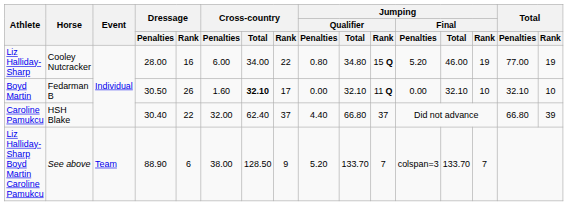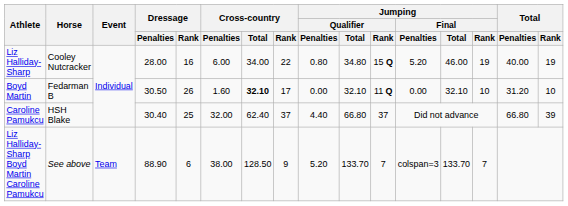 <table class=wikitable style=font-size:90%;text-align:center>
 <tr>
 <th rowspan=3>Athlete</th>
 <th rowspan=3>Horse</th>
 <th rowspan=3>Event</th>
 <th colspan=2 rowspan=2>Dressage</th>
 <th colspan=3 rowspan=2>Cross-country</th>
 <th colspan=6>Jumping</th>
 <th colspan=2 rowspan=2>Total</th>
 </tr>
 <tr style=font-size:95%>
 <th colspan=3>Qualifier</th>
 <th colspan=3>Final</th>
 </tr>
 <tr style=font-size:95%>
 <th>Penalties</th>
 <th>Rank</th>
 <th>Penalties</th>
 <th>Total</th>
 <th>Rank</th>
 <th>Penalties</th>
 <th>Total</th>
 <th>Rank</th>
 <th>Penalties</th>
 <th>Total</th>
 <th>Rank</th>
 <th>Penalties</th>
 <th>Rank</th>
 </tr>
 <tr>
 <td align=left><a href='#'>Liz Halliday-Sharp</a></td>
 <td align=left>Cooley Nutcracker</td>
 <td rowspan=3 align=left><a href='#'>Individual</a></td>
 <td>28.00</td>
 <td>16</td>
 <td>6.00</td>
 <td>34.00</td>
 <td>22</td>
 <td>0.80</td>
 <td>34.80</td>
 <td>15 <strong>Q</strong></td>
 <td>5.20</td>
 <td>46.00</td>
 <td>19</td>
-<td>77.00</td>
+<td>40.00</td>
 <td>19</td>
 </tr>
 <tr>
 <td align=left><a href='#'>Boyd Martin</a></td>
 <td align=left>Fedarman B</td>
 <td>30.50</td>
 <td>26</td>
 <td>1.60</td>
 <td><strong>32.10</strong></td>
 <td>17</td>
 <td>0.00</td>
 <td>32.10</td>
 <td>11 <strong>Q</strong></td>
 <td>0.00</td>
 <td>32.10</td>
 <td>10</td>
-<td>32.10</td>
+<td>31.20</td>
 <td>10</td>
 </tr>
 <tr>
 <td align=left><a href='#'>Caroline Pamukcu</a></td>
 <td align=left>HSH Blake</td>
 <td>30.40</td>
-<td>22</td>
+<td>25</td>
 <td>32.00</td>
 <td>62.40</td>
 <td>37</td>
 <td>4.40</td>
 <td>66.80</td>
 <td>37</td>
 <td colspan=3>Did not advance</td>
 <td>66.80</td>
 <td>39</td>
 </tr>
 <tr>
 <td align=left><a href='#'>Liz Halliday-Sharp</a><br><a href='#'>Boyd Martin</a><br><a href='#'>Caroline Pamukcu</a></td>
 <td align=left><em>See above</em></td>
 <td align=left><a href='#'>Team</a></td>
 <td>88.90</td>
 <td>6</td>
 <td>38.00</td>
 <td>128.50</td>
 <td>9</td>
 <td>5.20</td>
 <td>133.70</td>
 <td>7</td>
 <td>colspan=3 </td>
 <td>133.70</td>
 <td>7</td>
 </tr>
 </table>
